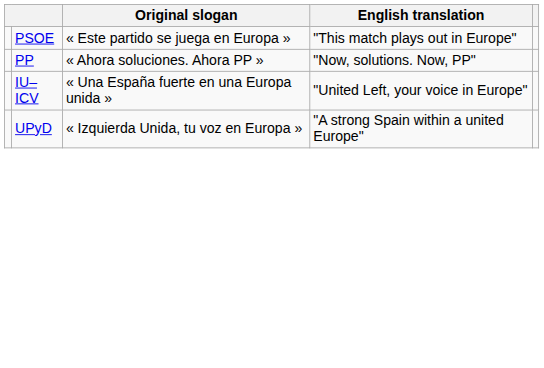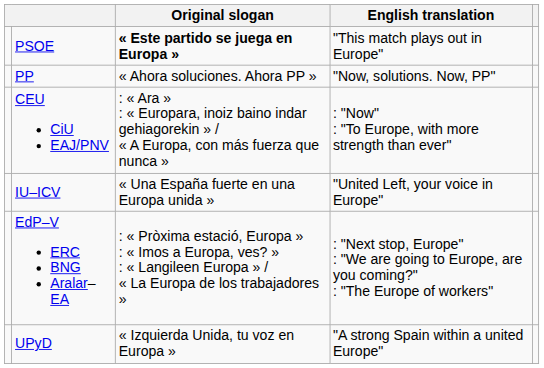 <table class="wikitable" style="text-align:left;">
 <tr>
 <th style="text-align:left;" colspan="2"></th>
 <th>Original slogan</th>
 <th>English translation</th>
 <th></th>
 </tr>
 <tr>
 <td width="1" style="color:inherit;background:"></td>
 <td><a href='#'>PSOE</a></td>
-<td>« Este partido se juega en Europa »</td>
+<td><strong>« Este partido se juega en Europa »</strong></td>
 <td>"This match plays out in Europe"</td>
 <td></td>
 </tr>
 <tr>
 <td style="color:inherit;background:"></td>
 <td><a href='#'>PP</a></td>
 <td>« Ahora soluciones. Ahora PP »</td>
 <td>"Now, solutions. Now, PP"</td>
 <td></td>
 </tr>
 <tr>
 <td style="color:inherit;background:"></td>
+<td><a href='#'>CEU</a><br><ul><li><a href='#'>CiU</a></li><li><a href='#'>EAJ/PNV</a></li></ul></td>
+<td>: « Ara »<br>: « Europara, inoiz baino indar gehiagorekin » /<br>« A Europa, con más fuerza que nunca »</td>
+<td>: "Now"<br>: "To Europe, with more strength than ever"</td>
+<td></td>
+</tr>
+<tr>
+<td style="color:inherit;background:"></td>
 <td><a href='#'>IU–ICV</a></td>
 <td>« Una España fuerte en una Europa unida »</td>
 <td>"United Left, your voice in Europe"</td>
 <td></td>
+</tr>
+<tr>
+<td style="color:inherit;background:"></td>
+<td><a href='#'>EdP–V</a><br><ul><li><a href='#'>ERC</a></li><li><a href='#'>BNG</a></li><li><a href='#'>Aralar</a>–<a href='#'>EA</a></li></ul></td>
+<td>: « Pròxima estació, Europa »<br>: « Imos a Europa, ves? »<br>: « Langileen Europa » /<br>« La Europa de los trabajadores »</td>
+<td>: "Next stop, Europe"<br>: "We are going to Europe, are you coming?"<br>: "The Europe of workers"</td>
+<td><br><br></td>
 </tr>
 <tr>
 <td style="color:inherit;background:"></td>
 <td><a href='#'>UPyD</a></td>
 <td>« Izquierda Unida, tu voz en Europa »</td>
 <td>"A strong Spain within a united Europe"</td>
 <td></td>
 </tr>
 </table>
